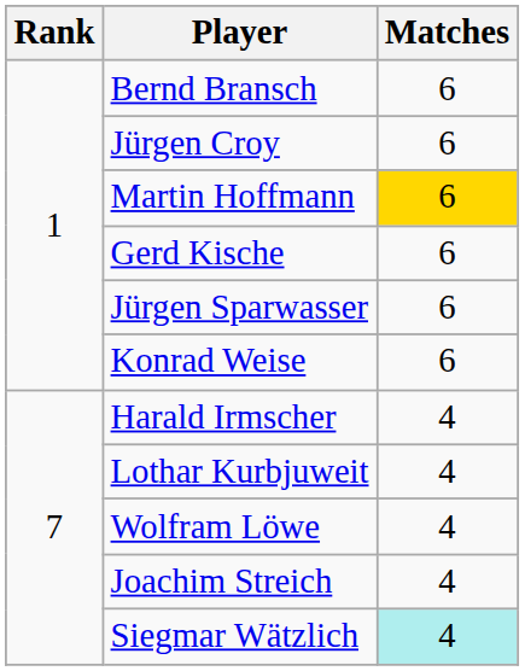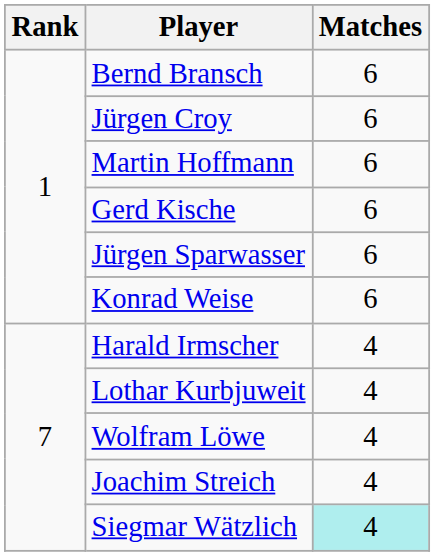 <table class="wikitable" style="text-align: left;">
 <tr>
 <th>Rank</th>
 <th>Player</th>
 <th>Matches</th>
 </tr>
 <tr>
 <td rowspan=6 align=center>1</td>
 <td><a href='#'>Bernd Bransch</a></td>
 <td align=center>6</td>
 </tr>
 <tr>
 <td><a href='#'>Jürgen Croy</a></td>
 <td align=center>6</td>
 </tr>
 <tr>
 <td><a href='#'>Martin Hoffmann</a></td>
-<td align=center style="background: gold;">6</td>
+<td align=center>6</td>
 </tr>
 <tr>
 <td><a href='#'>Gerd Kische</a></td>
 <td align=center>6</td>
 </tr>
 <tr>
 <td><a href='#'>Jürgen Sparwasser</a></td>
 <td align=center>6</td>
 </tr>
 <tr>
 <td><a href='#'>Konrad Weise</a></td>
 <td align=center>6</td>
 </tr>
 <tr>
 <td rowspan=5 align=center>7</td>
 <td><a href='#'>Harald Irmscher</a></td>
 <td align=center>4</td>
 </tr>
 <tr>
 <td><a href='#'>Lothar Kurbjuweit</a></td>
 <td align=center>4</td>
 </tr>
 <tr>
 <td><a href='#'>Wolfram Löwe</a></td>
 <td align=center>4</td>
 </tr>
 <tr>
 <td><a href='#'>Joachim Streich</a></td>
 <td align=center>4</td>
 </tr>
 <tr>
 <td><a href='#'>Siegmar Wätzlich</a></td>
 <td align=center style="background: paleturquoise;">4</td>
 </tr>
 </table>
